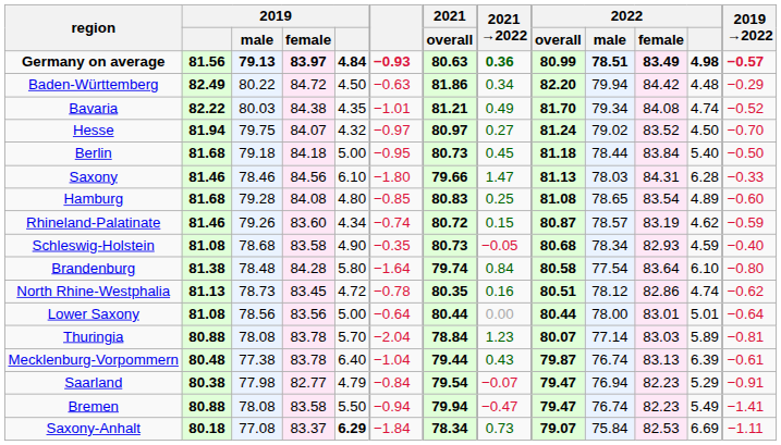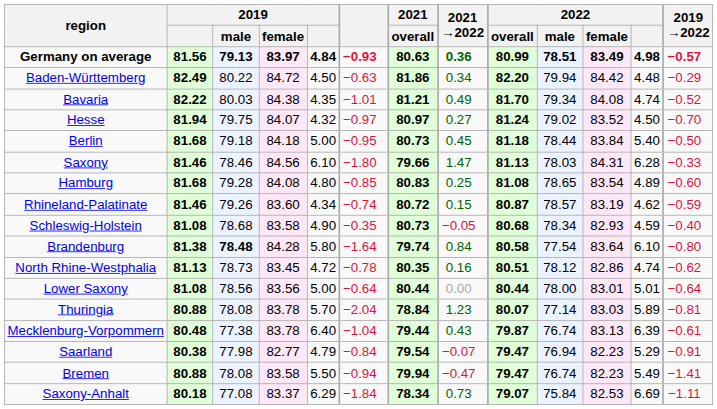 <table class="wikitable sortable mw-datatable static-row-numbers sort-under col1left col6right col8right col13right" style="text-align:center;">
 <tr>
 <th rowspan=2 style="vertical-align:middle;">region</th>
 <th colspan=4>2019</th>
 <th rowspan=2 style="vertical-align:middle;border-left-width:2px;"></th>
 <th style="border-left-width:2px;">2021</th>
 <th rowspan=2 style="vertical-align:middle;border-left-width:2px;">2021<br>→2022</th>
 <th colspan=4 style="border-left-width:2px;">2022</th>
 <th rowspan=2 style="vertical-align:middle;border-left-width:2px;">2019<br>→2022</th>
 </tr>
 <tr>
 <th style="vertical-align:middle;min-width:3em;"></th>
 <th style="vertical-align:middle;min-width:3em;">male</th>
 <th style="vertical-align:middle;min-width:3em;">female</th>
 <th></th>
 <th style="vertical-align:middle;min-width:3em;border-left-width:2px;">overall</th>
 <th style="vertical-align:middle;min-width:3em;border-left-width:2px;">overall</th>
 <th style="vertical-align:middle;min-width:3em;">male</th>
 <th style="vertical-align:middle;min-width:3em;">female</th>
 <th></th>
 </tr>
 <tr class=static-row-header>
 <td><strong>Germany on average</strong></td>
 <td style="background:#e0ffd8;"><strong>81.56</strong></td>
 <td style="background:#eaf3ff;"><strong>79.13</strong></td>
 <td style="background:#fee7f6;"><strong>83.97</strong></td>
 <td><strong>4.84</strong></td>
 <td style="padding-right:1.5ex;color:crimson;border-left-width:2px;"><strong>−0.93</strong></td>
 <td style="background:#e0ffd8;border-left-width:2px;"><strong>80.63</strong></td>
 <td style="padding-right:1.5ex;color:darkgreen;border-left-width:2px;"><strong>0.36</strong></td>
 <td style="background:#e0ffd8;border-left-width:2px;"><strong>80.99</strong></td>
 <td style="background:#eaf3ff;"><strong>78.51</strong></td>
 <td style="background:#fee7f6;"><strong>83.49</strong></td>
 <td><strong>4.98</strong></td>
 <td style="padding-right:1.5ex;color:crimson;border-left-width:2px;"><strong>−0.57</strong></td>
 </tr>
 <tr>
 <td><a href='#'>Baden-Württemberg</a></td>
 <td style="background:#e0ffd8;"><strong>82.49</strong></td>
 <td style="background:#eaf3ff;">80.22</td>
 <td style="background:#fee7f6;">84.72</td>
 <td>4.50</td>
 <td style="padding-right:1.5ex;color:crimson;border-left-width:2px;">−0.63</td>
 <td style="background:#e0ffd8;border-left-width:2px;"><strong>81.86</strong></td>
 <td style="padding-right:1.5ex;color:darkgreen;border-left-width:2px;">0.34</td>
 <td style="background:#e0ffd8;border-left-width:2px;"><strong>82.20</strong></td>
 <td style="background:#eaf3ff;">79.94</td>
 <td style="background:#fee7f6;">84.42</td>
 <td>4.48</td>
 <td style="padding-right:1.5ex;color:crimson;border-left-width:2px;">−0.29</td>
 </tr>
 <tr>
 <td><a href='#'>Bavaria</a></td>
 <td style="background:#e0ffd8;"><strong>82.22</strong></td>
 <td style="background:#eaf3ff;">80.03</td>
 <td style="background:#fee7f6;">84.38</td>
 <td>4.35</td>
 <td style="padding-right:1.5ex;color:crimson;border-left-width:2px;">−1.01</td>
 <td style="background:#e0ffd8;border-left-width:2px;"><strong>81.21</strong></td>
 <td style="padding-right:1.5ex;color:darkgreen;border-left-width:2px;">0.49</td>
 <td style="background:#e0ffd8;border-left-width:2px;"><strong>81.70</strong></td>
 <td style="background:#eaf3ff;">79.34</td>
 <td style="background:#fee7f6;">84.08</td>
 <td>4.74</td>
 <td style="padding-right:1.5ex;color:crimson;border-left-width:2px;">−0.52</td>
 </tr>
 <tr>
 <td><a href='#'>Hesse</a></td>
 <td style="background:#e0ffd8;"><strong>81.94</strong></td>
 <td style="background:#eaf3ff;">79.75</td>
 <td style="background:#fee7f6;">84.07</td>
 <td>4.32</td>
 <td style="padding-right:1.5ex;color:crimson;border-left-width:2px;">−0.97</td>
 <td style="background:#e0ffd8;border-left-width:2px;"><strong>80.97</strong></td>
 <td style="padding-right:1.5ex;color:darkgreen;border-left-width:2px;">0.27</td>
 <td style="background:#e0ffd8;border-left-width:2px;"><strong>81.24</strong></td>
 <td style="background:#eaf3ff;">79.02</td>
 <td style="background:#fee7f6;">83.52</td>
 <td>4.50</td>
 <td style="padding-right:1.5ex;color:crimson;border-left-width:2px;">−0.70</td>
 </tr>
 <tr>
 <td><a href='#'>Berlin</a></td>
 <td style="background:#e0ffd8;"><strong>81.68</strong></td>
 <td style="background:#eaf3ff;">79.18</td>
 <td style="background:#fee7f6;">84.18</td>
 <td>5.00</td>
 <td style="padding-right:1.5ex;color:crimson;border-left-width:2px;">−0.95</td>
 <td style="background:#e0ffd8;border-left-width:2px;"><strong>80.73</strong></td>
 <td style="padding-right:1.5ex;color:darkgreen;border-left-width:2px;">0.45</td>
 <td style="background:#e0ffd8;border-left-width:2px;"><strong>81.18</strong></td>
 <td style="background:#eaf3ff;">78.44</td>
 <td style="background:#fee7f6;">83.84</td>
 <td>5.40</td>
 <td style="padding-right:1.5ex;color:crimson;border-left-width:2px;">−0.50</td>
 </tr>
 <tr>
 <td><a href='#'>Saxony</a></td>
 <td style="background:#e0ffd8;"><strong>81.46</strong></td>
 <td style="background:#eaf3ff;">78.46</td>
 <td style="background:#fee7f6;">84.56</td>
 <td>6.10</td>
 <td style="padding-right:1.5ex;color:crimson;border-left-width:2px;">−1.80</td>
 <td style="background:#e0ffd8;border-left-width:2px;"><strong>79.66</strong></td>
 <td style="padding-right:1.5ex;color:darkgreen;border-left-width:2px;">1.47</td>
 <td style="background:#e0ffd8;border-left-width:2px;"><strong>81.13</strong></td>
 <td style="background:#eaf3ff;">78.03</td>
 <td style="background:#fee7f6;">84.31</td>
 <td>6.28</td>
 <td style="padding-right:1.5ex;color:crimson;border-left-width:2px;">−0.33</td>
 </tr>
 <tr>
 <td><a href='#'>Hamburg</a></td>
 <td style="background:#e0ffd8;"><strong>81.68</strong></td>
 <td style="background:#eaf3ff;">79.28</td>
 <td style="background:#fee7f6;">84.08</td>
 <td>4.80</td>
 <td style="padding-right:1.5ex;color:crimson;border-left-width:2px;">−0.85</td>
 <td style="background:#e0ffd8;border-left-width:2px;"><strong>80.83</strong></td>
 <td style="padding-right:1.5ex;color:darkgreen;border-left-width:2px;">0.25</td>
 <td style="background:#e0ffd8;border-left-width:2px;"><strong>81.08</strong></td>
 <td style="background:#eaf3ff;">78.65</td>
 <td style="background:#fee7f6;">83.54</td>
 <td>4.89</td>
 <td style="padding-right:1.5ex;color:crimson;border-left-width:2px;">−0.60</td>
 </tr>
 <tr>
 <td><a href='#'>Rhineland-Palatinate</a></td>
 <td style="background:#e0ffd8;"><strong>81.46</strong></td>
 <td style="background:#eaf3ff;">79.26</td>
 <td style="background:#fee7f6;">83.60</td>
 <td>4.34</td>
 <td style="padding-right:1.5ex;color:crimson;border-left-width:2px;">−0.74</td>
 <td style="background:#e0ffd8;border-left-width:2px;"><strong>80.72</strong></td>
 <td style="padding-right:1.5ex;color:darkgreen;border-left-width:2px;">0.15</td>
 <td style="background:#e0ffd8;border-left-width:2px;"><strong>80.87</strong></td>
 <td style="background:#eaf3ff;">78.57</td>
 <td style="background:#fee7f6;">83.19</td>
 <td>4.62</td>
 <td style="padding-right:1.5ex;color:crimson;border-left-width:2px;">−0.59</td>
 </tr>
 <tr>
 <td><a href='#'>Schleswig-Holstein</a></td>
 <td style="background:#e0ffd8;"><strong>81.08</strong></td>
 <td style="background:#eaf3ff;">78.68</td>
 <td style="background:#fee7f6;">83.58</td>
 <td>4.90</td>
 <td style="padding-right:1.5ex;color:crimson;border-left-width:2px;">−0.35</td>
 <td style="background:#e0ffd8;border-left-width:2px;"><strong>80.73</strong></td>
 <td style="padding-right:1.5ex;color:crimson;border-left-width:2px;">−0.05</td>
 <td style="background:#e0ffd8;border-left-width:2px;"><strong>80.68</strong></td>
 <td style="background:#eaf3ff;">78.34</td>
 <td style="background:#fee7f6;">82.93</td>
 <td>4.59</td>
 <td style="padding-right:1.5ex;color:crimson;border-left-width:2px;">−0.40</td>
 </tr>
 <tr>
 <td><a href='#'>Brandenburg</a></td>
 <td style="background:#e0ffd8;"><strong>81.38</strong></td>
-<td style="background:#eaf3ff;">78.48</td>
+<td style="background:#eaf3ff;"><strong>78.48</strong></td>
 <td style="background:#fee7f6;">84.28</td>
 <td>5.80</td>
 <td style="padding-right:1.5ex;color:crimson;border-left-width:2px;">−1.64</td>
 <td style="background:#e0ffd8;border-left-width:2px;"><strong>79.74</strong></td>
 <td style="padding-right:1.5ex;color:darkgreen;border-left-width:2px;">0.84</td>
 <td style="background:#e0ffd8;border-left-width:2px;"><strong>80.58</strong></td>
 <td style="background:#eaf3ff;">77.54</td>
 <td style="background:#fee7f6;">83.64</td>
 <td>6.10</td>
 <td style="padding-right:1.5ex;color:crimson;border-left-width:2px;">−0.80</td>
 </tr>
 <tr>
 <td><a href='#'>North Rhine-Westphalia</a></td>
 <td style="background:#e0ffd8;"><strong>81.13</strong></td>
 <td style="background:#eaf3ff;">78.73</td>
 <td style="background:#fee7f6;">83.45</td>
 <td>4.72</td>
 <td style="padding-right:1.5ex;color:crimson;border-left-width:2px;">−0.78</td>
 <td style="background:#e0ffd8;border-left-width:2px;"><strong>80.35</strong></td>
 <td style="padding-right:1.5ex;color:darkgreen;border-left-width:2px;">0.16</td>
 <td style="background:#e0ffd8;border-left-width:2px;"><strong>80.51</strong></td>
 <td style="background:#eaf3ff;">78.12</td>
 <td style="background:#fee7f6;">82.86</td>
 <td>4.74</td>
 <td style="padding-right:1.5ex;color:crimson;border-left-width:2px;">−0.62</td>
 </tr>
 <tr>
 <td><a href='#'>Lower Saxony</a></td>
 <td style="background:#e0ffd8;"><strong>81.08</strong></td>
 <td style="background:#eaf3ff;">78.56</td>
 <td style="background:#fee7f6;">83.56</td>
 <td>5.00</td>
 <td style="padding-right:1.5ex;color:crimson;border-left-width:2px;">−0.64</td>
 <td style="background:#e0ffd8;border-left-width:2px;"><strong>80.44</strong></td>
 <td style="padding-right:1.5ex;color:darkgray;border-left-width:2px;">0.00</td>
 <td style="background:#e0ffd8;border-left-width:2px;"><strong>80.44</strong></td>
 <td style="background:#eaf3ff;">78.00</td>
 <td style="background:#fee7f6;">83.01</td>
 <td>5.01</td>
 <td style="padding-right:1.5ex;color:crimson;border-left-width:2px;">−0.64</td>
 </tr>
 <tr>
 <td><a href='#'>Thuringia</a></td>
 <td style="background:#e0ffd8;"><strong>80.88</strong></td>
 <td style="background:#eaf3ff;">78.08</td>
 <td style="background:#fee7f6;">83.78</td>
 <td>5.70</td>
 <td style="padding-right:1.5ex;color:crimson;border-left-width:2px;">−2.04</td>
 <td style="background:#e0ffd8;border-left-width:2px;"><strong>78.84</strong></td>
 <td style="padding-right:1.5ex;color:darkgreen;border-left-width:2px;">1.23</td>
 <td style="background:#e0ffd8;border-left-width:2px;"><strong>80.07</strong></td>
 <td style="background:#eaf3ff;">77.14</td>
 <td style="background:#fee7f6;">83.03</td>
 <td>5.89</td>
 <td style="padding-right:1.5ex;color:crimson;border-left-width:2px;">−0.81</td>
 </tr>
 <tr>
 <td><a href='#'>Mecklenburg-Vorpommern</a></td>
 <td style="background:#e0ffd8;"><strong>80.48</strong></td>
 <td style="background:#eaf3ff;">77.38</td>
 <td style="background:#fee7f6;">83.78</td>
 <td>6.40</td>
 <td style="padding-right:1.5ex;color:crimson;border-left-width:2px;">−1.04</td>
 <td style="background:#e0ffd8;border-left-width:2px;"><strong>79.44</strong></td>
 <td style="padding-right:1.5ex;color:darkgreen;border-left-width:2px;">0.43</td>
 <td style="background:#e0ffd8;border-left-width:2px;"><strong>79.87</strong></td>
 <td style="background:#eaf3ff;">76.74</td>
 <td style="background:#fee7f6;">83.13</td>
 <td>6.39</td>
 <td style="padding-right:1.5ex;color:crimson;border-left-width:2px;">−0.61</td>
 </tr>
 <tr>
 <td><a href='#'>Saarland</a></td>
 <td style="background:#e0ffd8;"><strong>80.38</strong></td>
 <td style="background:#eaf3ff;">77.98</td>
 <td style="background:#fee7f6;">82.77</td>
 <td>4.79</td>
 <td style="padding-right:1.5ex;color:crimson;border-left-width:2px;">−0.84</td>
 <td style="background:#e0ffd8;border-left-width:2px;"><strong>79.54</strong></td>
 <td style="padding-right:1.5ex;color:crimson;border-left-width:2px;">−0.07</td>
 <td style="background:#e0ffd8;border-left-width:2px;"><strong>79.47</strong></td>
 <td style="background:#eaf3ff;">76.94</td>
 <td style="background:#fee7f6;">82.23</td>
 <td>5.29</td>
 <td style="padding-right:1.5ex;color:crimson;border-left-width:2px;">−0.91</td>
 </tr>
 <tr>
 <td><a href='#'>Bremen</a></td>
 <td style="background:#e0ffd8;"><strong>80.88</strong></td>
 <td style="background:#eaf3ff;">78.08</td>
 <td style="background:#fee7f6;">83.58</td>
 <td>5.50</td>
 <td style="padding-right:1.5ex;color:crimson;border-left-width:2px;">−0.94</td>
 <td style="background:#e0ffd8;border-left-width:2px;"><strong>79.94</strong></td>
 <td style="padding-right:1.5ex;color:crimson;border-left-width:2px;">−0.47</td>
 <td style="background:#e0ffd8;border-left-width:2px;"><strong>79.47</strong></td>
 <td style="background:#eaf3ff;">76.74</td>
 <td style="background:#fee7f6;">82.23</td>
 <td>5.49</td>
 <td style="padding-right:1.5ex;color:crimson;border-left-width:2px;">−1.41</td>
 </tr>
 <tr>
 <td><a href='#'>Saxony-Anhalt</a></td>
 <td style="background:#e0ffd8;"><strong>80.18</strong></td>
 <td style="background:#eaf3ff;">77.08</td>
 <td style="background:#fee7f6;">83.37</td>
-<td><strong>6.29</strong></td>
+<td>6.29</td>
 <td style="padding-right:1.5ex;color:crimson;border-left-width:2px;">−1.84</td>
 <td style="background:#e0ffd8;border-left-width:2px;"><strong>78.34</strong></td>
 <td style="padding-right:1.5ex;color:darkgreen;border-left-width:2px;">0.73</td>
 <td style="background:#e0ffd8;border-left-width:2px;"><strong>79.07</strong></td>
 <td style="background:#eaf3ff;">75.84</td>
 <td style="background:#fee7f6;">82.53</td>
 <td>6.69</td>
 <td style="padding-right:1.5ex;color:crimson;border-left-width:2px;">−1.11</td>
 </tr>
 </table>
